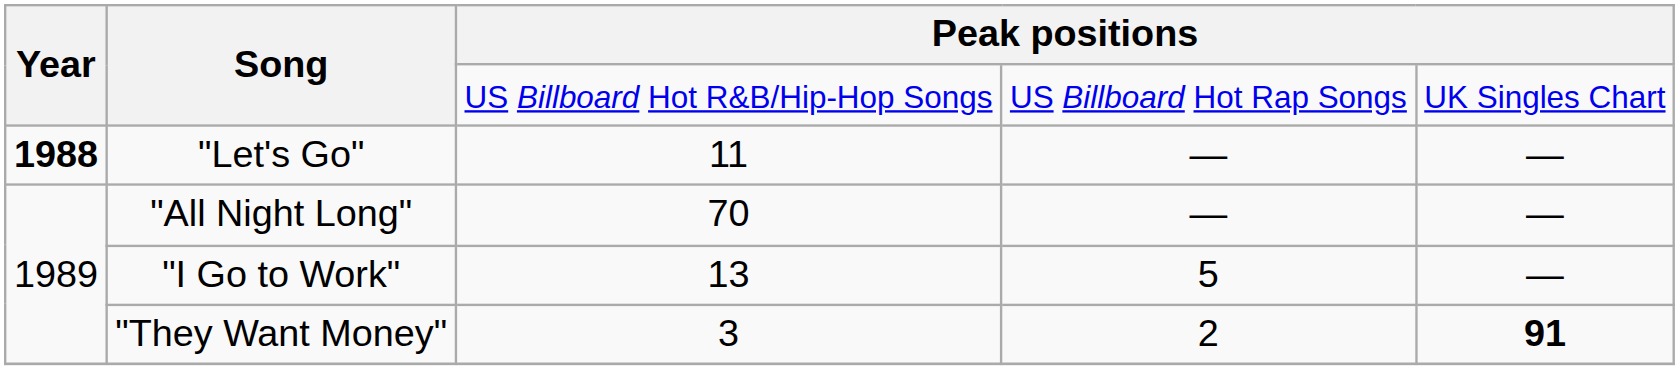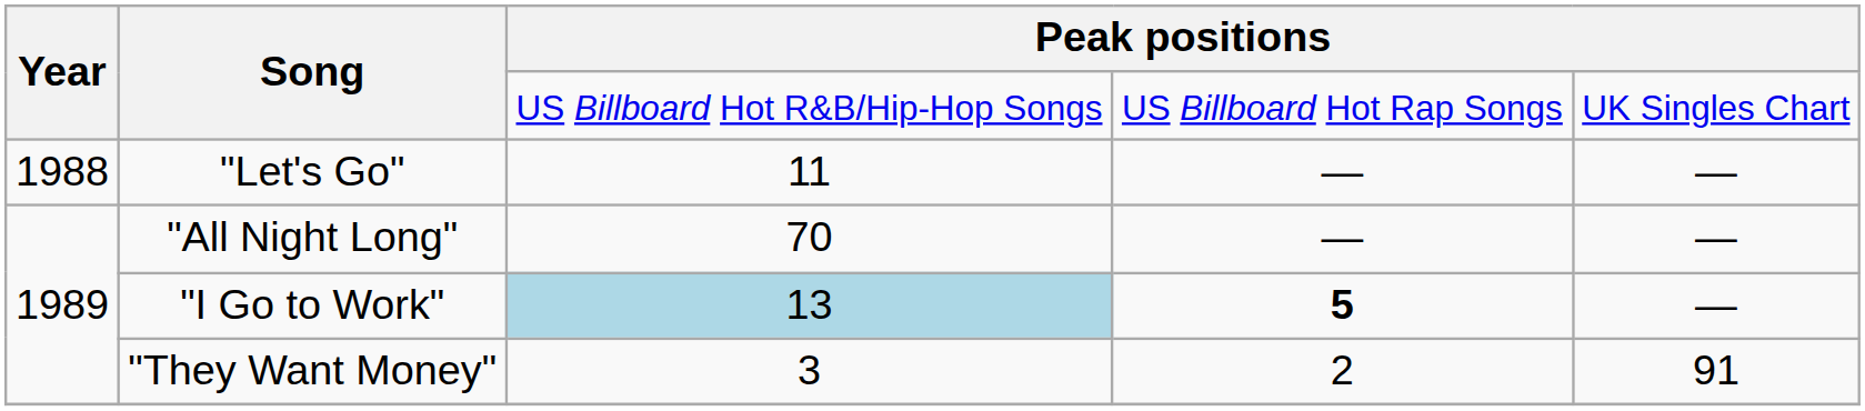 <table class="wikitable" style="text-align:center">
 <tr>
 <th rowspan="2"><strong>Year</strong></th>
 <th rowspan="2"><strong>Song</strong></th>
 <th colspan="3"><strong>Peak positions</strong></th>
 </tr>
 <tr>
 <td><small><a href='#'>US</a> <em><a href='#'>Billboard</a></em> <a href='#'>Hot R&B/Hip-Hop Songs</a></small></td>
 <td><small><a href='#'>US</a> <em><a href='#'>Billboard</a></em> <a href='#'>Hot Rap Songs</a></small></td>
 <td><small><a href='#'>UK Singles Chart</a></small></td>
 </tr>
 <tr>
-<td><strong>1988</strong></td>
+<td>1988</td>
 <td>"Let's Go"</td>
 <td>11</td>
 <td>—</td>
 <td>—</td>
 </tr>
 <tr>
 <td rowspan="3">1989</td>
 <td>"All Night Long"</td>
 <td>70</td>
 <td>—</td>
 <td>—</td>
 </tr>
 <tr>
 <td>"I Go to Work"</td>
-<td>13</td>
-<td>5</td>
+<td style="background: lightblue;">13</td>
+<td><strong>5</strong></td>
 <td>—</td>
 </tr>
 <tr>
 <td>"They Want Money"</td>
 <td>3</td>
 <td>2</td>
-<td><strong>91</strong></td>
+<td>91</td>
 </tr>
 <tr>
 </tr>
 </table>
